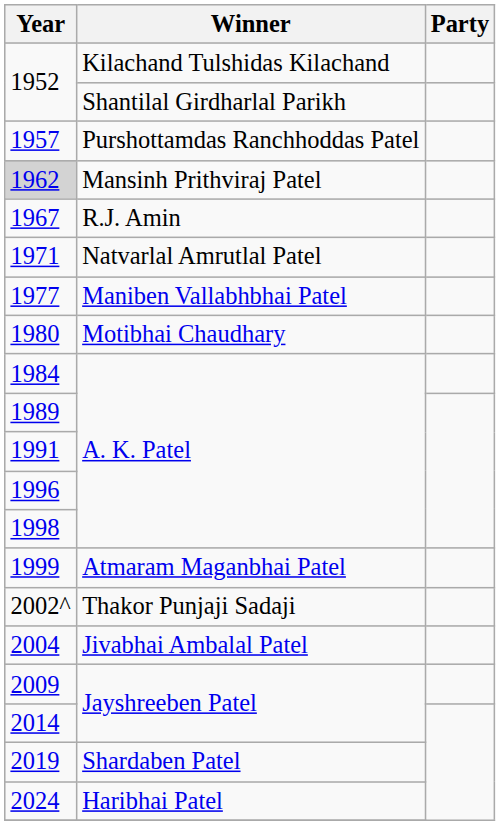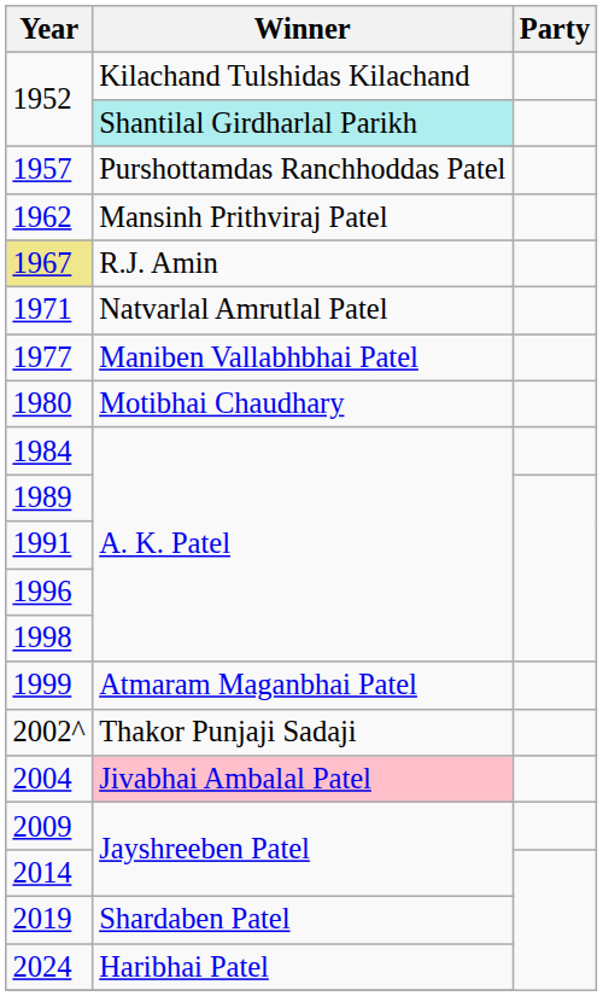 <table class="wikitable sortable">
 <tr>
 <th>Year</th>
 <th>Winner</th>
 <th colspan=2>Party</th>
 </tr>
 <tr>
 <td rowspan=2>1952</td>
 <td>Kilachand Tulshidas Kilachand</td>
 <td></td>
 </tr>
 <tr>
-<td>Shantilal Girdharlal Parikh</td>
+<td style="background: paleturquoise;">Shantilal Girdharlal Parikh</td>
 </tr>
 <tr>
 <td><a href='#'>1957</a></td>
 <td>Purshottamdas Ranchhoddas Patel</td>
 <td></td>
 </tr>
 <tr>
-<td style="background: lightgrey;"><a href='#'>1962</a></td>
+<td><a href='#'>1962</a></td>
 <td>Mansinh Prithviraj Patel</td>
 <td></td>
 </tr>
 <tr>
-<td><a href='#'>1967</a></td>
+<td style="background: khaki;"><a href='#'>1967</a></td>
 <td>R.J. Amin</td>
 <td></td>
 </tr>
 <tr>
 <td><a href='#'>1971</a></td>
 <td>Natvarlal Amrutlal Patel</td>
 <td></td>
 </tr>
 <tr>
 <td><a href='#'>1977</a></td>
 <td><a href='#'>Maniben Vallabhbhai Patel</a></td>
 <td></td>
 </tr>
 <tr>
 <td><a href='#'>1980</a></td>
 <td><a href='#'>Motibhai Chaudhary</a></td>
 </tr>
 <tr>
 <td><a href='#'>1984</a></td>
 <td rowspan="5"><a href='#'>A. K. Patel</a></td>
 <td></td>
 </tr>
 <tr>
 <td><a href='#'>1989</a></td>
 </tr>
 <tr>
 <td><a href='#'>1991</a></td>
 </tr>
 <tr>
 <td><a href='#'>1996</a></td>
 </tr>
 <tr>
 <td><a href='#'>1998</a></td>
 </tr>
 <tr>
 <td><a href='#'>1999</a></td>
 <td><a href='#'>Atmaram Maganbhai Patel</a></td>
 <td></td>
 </tr>
 <tr>
 <td>2002^</td>
 <td>Thakor Punjaji Sadaji</td>
 <td></td>
 </tr>
 <tr>
 <td><a href='#'>2004</a></td>
-<td><a href='#'>Jivabhai Ambalal Patel</a></td>
+<td style="background: pink;"><a href='#'>Jivabhai Ambalal Patel</a></td>
 <td></td>
 </tr>
 <tr>
 <td><a href='#'>2009</a></td>
 <td rowspan="2"><a href='#'>Jayshreeben Patel</a></td>
 <td></td>
 </tr>
 <tr>
 <td><a href='#'>2014</a></td>
 </tr>
 <tr>
 <td><a href='#'>2019</a></td>
 <td><a href='#'>Shardaben Patel</a></td>
 </tr>
 <tr>
 <td><a href='#'>2024</a></td>
 <td><a href='#'>Haribhai Patel</a></td>
 </tr>
 <tr>
 </tr>
 </table>
